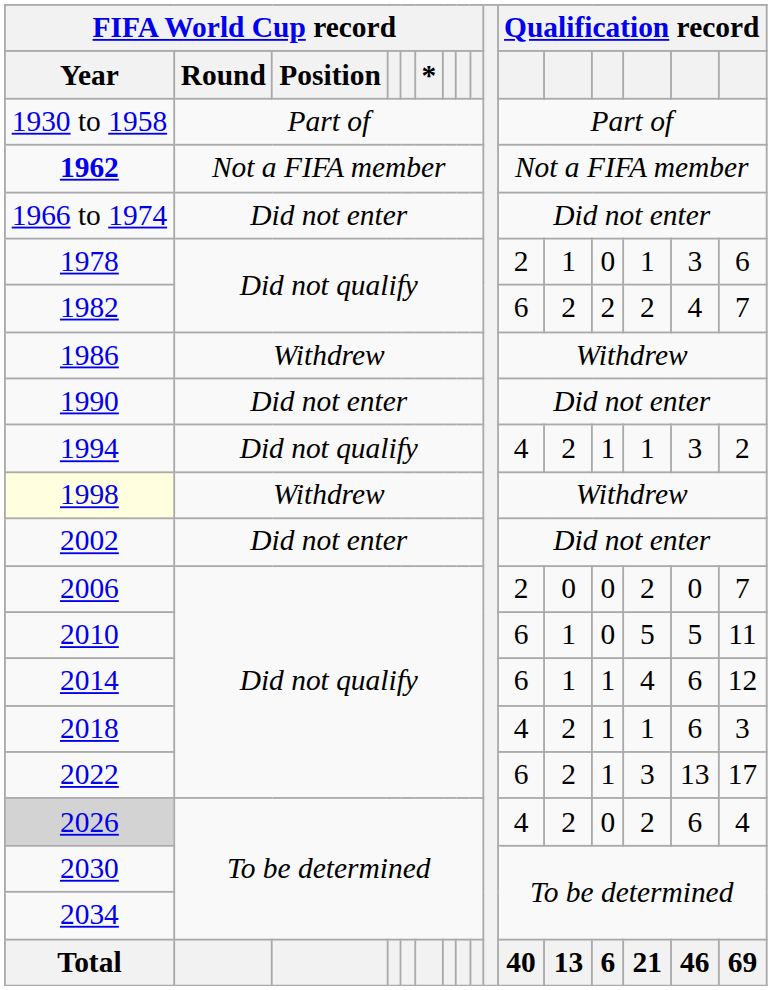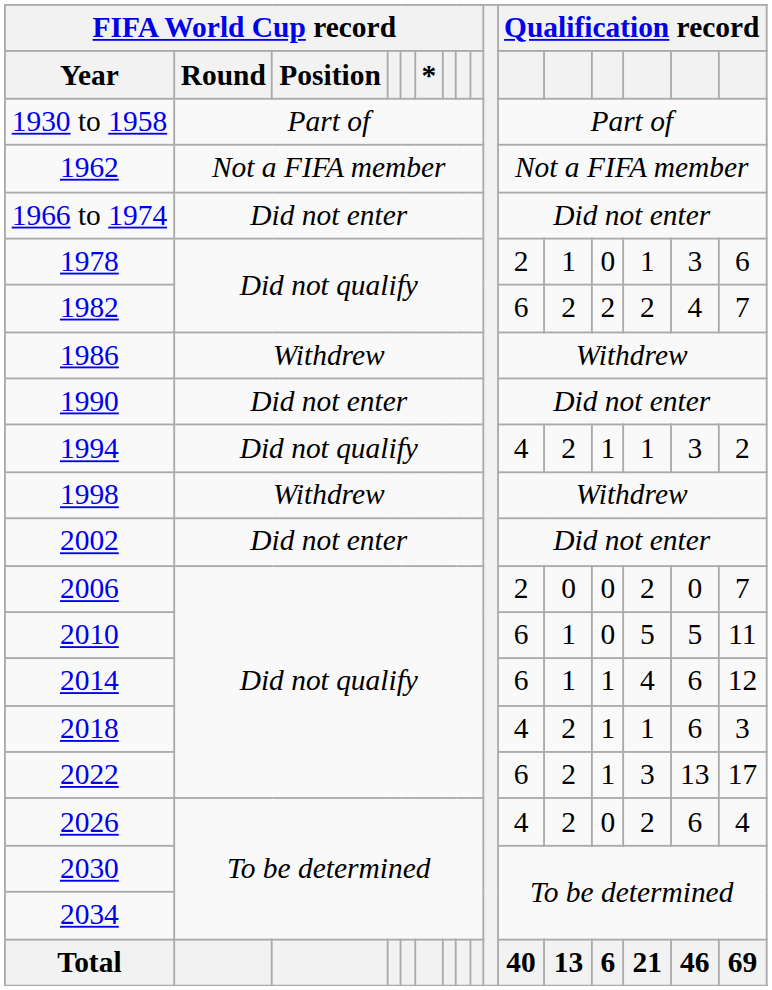 <table class="wikitable" style="text-align: center;">
 <tr>
 <th colspan=9><a href='#'>FIFA World Cup</a> record</th>
 <th rowspan=41></th>
 <th colspan=6><a href='#'>Qualification</a> record</th>
 </tr>
 <tr>
 <th>Year</th>
 <th>Round</th>
 <th>Position</th>
 <th></th>
 <th></th>
 <th>*</th>
 <th></th>
 <th></th>
 <th></th>
 <th></th>
 <th></th>
 <th></th>
 <th></th>
 <th></th>
 <th></th>
 </tr>
 <tr>
 <td><a href='#'>1930</a> to <a href='#'>1958</a></td>
 <td colspan=8><em>Part of </em></td>
 <td colspan=6><em>Part of </em></td>
 </tr>
 <tr>
-<td><strong> <a href='#'>1962</a></strong></td>
+<td> <a href='#'>1962</a></td>
 <td colspan=8><em>Not a FIFA member</em></td>
 <td colspan=6><em>Not a FIFA member</em></td>
 </tr>
 <tr>
 <td><a href='#'>1966</a> to <a href='#'>1974</a></td>
 <td colspan=8><em>Did not enter</em></td>
 <td colspan=6><em>Did not enter</em></td>
 </tr>
 <tr>
 <td> <a href='#'>1978</a></td>
 <td colspan=8 rowspan=2><em>Did not qualify</em></td>
 <td>2</td>
 <td>1</td>
 <td>0</td>
 <td>1</td>
 <td>3</td>
 <td>6</td>
 </tr>
 <tr>
 <td> <a href='#'>1982</a></td>
 <td>6</td>
 <td>2</td>
 <td>2</td>
 <td>2</td>
 <td>4</td>
 <td>7</td>
 </tr>
 <tr>
 <td> <a href='#'>1986</a></td>
 <td colspan=8><em>Withdrew</em></td>
 <td colspan=6><em>Withdrew</em></td>
 </tr>
 <tr>
 <td> <a href='#'>1990</a></td>
 <td colspan=8><em>Did not enter</em></td>
 <td colspan=6><em>Did not enter</em></td>
 </tr>
 <tr>
 <td> <a href='#'>1994</a></td>
 <td colspan=8><em>Did not qualify</em></td>
 <td>4</td>
 <td>2</td>
 <td>1</td>
 <td>1</td>
 <td>3</td>
 <td>2</td>
 </tr>
 <tr>
-<td style="background: lightyellow;"> <a href='#'>1998</a></td>
+<td> <a href='#'>1998</a></td>
 <td colspan=8><em>Withdrew</em></td>
 <td colspan=6><em>Withdrew</em></td>
 </tr>
 <tr>
 <td>  <a href='#'>2002</a></td>
 <td colspan=8><em>Did not enter</em></td>
 <td colspan=6><em>Did not enter</em></td>
 </tr>
 <tr>
 <td> <a href='#'>2006</a></td>
 <td Rowspan=5 colspan=8><em>Did not qualify</em></td>
 <td>2</td>
 <td>0</td>
 <td>0</td>
 <td>2</td>
 <td>0</td>
 <td>7</td>
 </tr>
 <tr>
 <td> <a href='#'>2010</a></td>
 <td>6</td>
 <td>1</td>
 <td>0</td>
 <td>5</td>
 <td>5</td>
 <td>11</td>
 </tr>
 <tr>
 <td> <a href='#'>2014</a></td>
 <td>6</td>
 <td>1</td>
 <td>1</td>
 <td>4</td>
 <td>6</td>
 <td>12</td>
 </tr>
 <tr>
 <td> <a href='#'>2018</a></td>
 <td>4</td>
 <td>2</td>
 <td>1</td>
 <td>1</td>
 <td>6</td>
 <td>3</td>
 </tr>
 <tr>
 <td> <a href='#'>2022</a></td>
 <td>6</td>
 <td>2</td>
 <td>1</td>
 <td>3</td>
 <td>13</td>
 <td>17</td>
 </tr>
 <tr>
-<td style="background: lightgrey;">   <a href='#'>2026</a></td>
+<td>   <a href='#'>2026</a></td>
 <td colspan=8 rowspan=3><em>To be determined</em></td>
 <td>4</td>
 <td>2</td>
 <td>0</td>
 <td>2</td>
 <td>6</td>
 <td>4</td>
 </tr>
 <tr>
 <td>   <a href='#'>2030</a></td>
 <td colspan=6 rowspan=2><em>To be determined</em></td>
 </tr>
 <tr>
 <td> <a href='#'>2034</a></td>
 </tr>
 <tr>
 <th>Total</th>
 <th></th>
 <th></th>
 <th></th>
 <th></th>
 <th></th>
 <th></th>
 <th></th>
 <th></th>
 <th>40</th>
 <th>13</th>
 <th>6</th>
 <th>21</th>
 <th>46</th>
 <th>69</th>
 </tr>
 </table>
